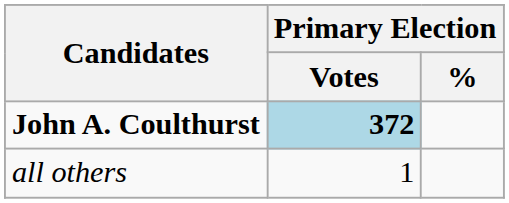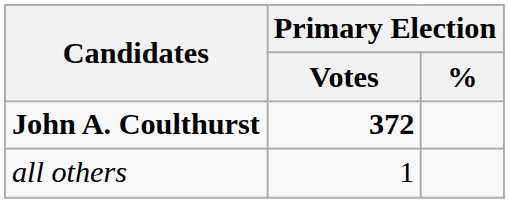 <table class=wikitable>
 <tr>
 <th colspan=1 rowspan=2 ><strong>Candidates</strong></th>
 <th colspan=2><strong>Primary Election</strong></th>
 </tr>
 <tr>
 <th>Votes</th>
 <th>%</th>
 </tr>
 <tr>
 <td><strong>John A. Coulthurst</strong></td>
-<td align="right" style="background: lightblue;"><strong>372</strong></td>
+<td align="right"><strong>372</strong></td>
 <td align="right"><strong></strong></td>
 </tr>
 <tr>
 <td><em>all others</em></td>
 <td align="right">1</td>
 <td align="right"></td>
 </tr>
 </table>
